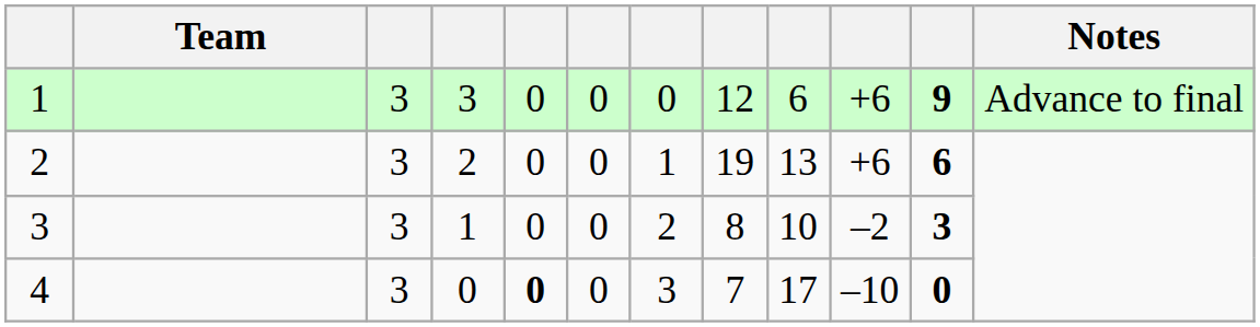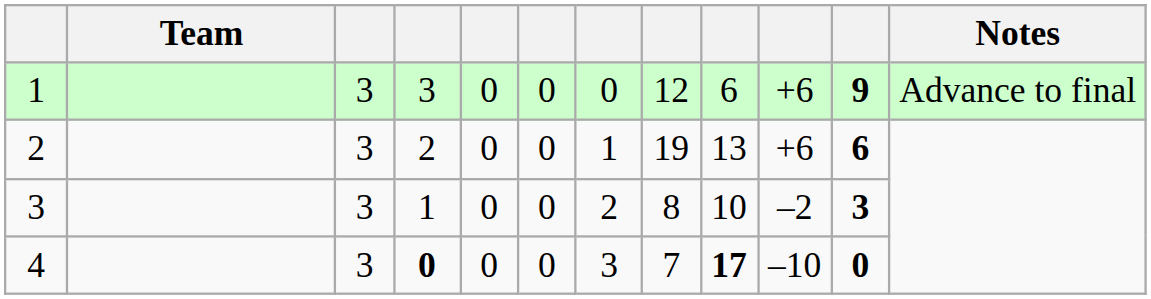 <table class="wikitable" style="text-align: center; font-size: 97%;">
 <tr>
 <th width="20"></th>
 <th width="110">Team</th>
 <th width="18"></th>
 <th width="22"></th>
 <th width="18"></th>
 <th width="18"></th>
 <th width="22"></th>
 <th width="18"></th>
 <th width="18"></th>
 <th width="25"></th>
 <th width="18"></th>
 <th width="105">Notes</th>
 </tr>
 <tr style="background-color: #ccffcc;">
 <td>1</td>
 <td align=left></td>
 <td>3</td>
 <td>3</td>
 <td>0</td>
 <td>0</td>
 <td>0</td>
 <td>12</td>
 <td>6</td>
 <td>+6</td>
 <td><strong>9</strong></td>
 <td>Advance to final</td>
 </tr>
 <tr>
 <td>2</td>
 <td align=left></td>
 <td>3</td>
 <td>2</td>
 <td>0</td>
 <td>0</td>
 <td>1</td>
 <td>19</td>
 <td>13</td>
 <td>+6</td>
 <td><strong>6</strong></td>
 <td rowspan="3"></td>
 </tr>
 <tr>
 <td>3</td>
 <td align=left></td>
 <td>3</td>
 <td>1</td>
 <td>0</td>
 <td>0</td>
 <td>2</td>
 <td>8</td>
 <td>10</td>
 <td>–2</td>
 <td><strong>3</strong></td>
 </tr>
 <tr>
 <td>4</td>
 <td align=left></td>
 <td>3</td>
+<td><strong>0</strong></td>
 <td>0</td>
-<td><strong>0</strong></td>
 <td>0</td>
 <td>3</td>
 <td>7</td>
-<td>17</td>
+<td><strong>17</strong></td>
 <td>–10</td>
 <td><strong>0</strong></td>
 </tr>
 </table>
